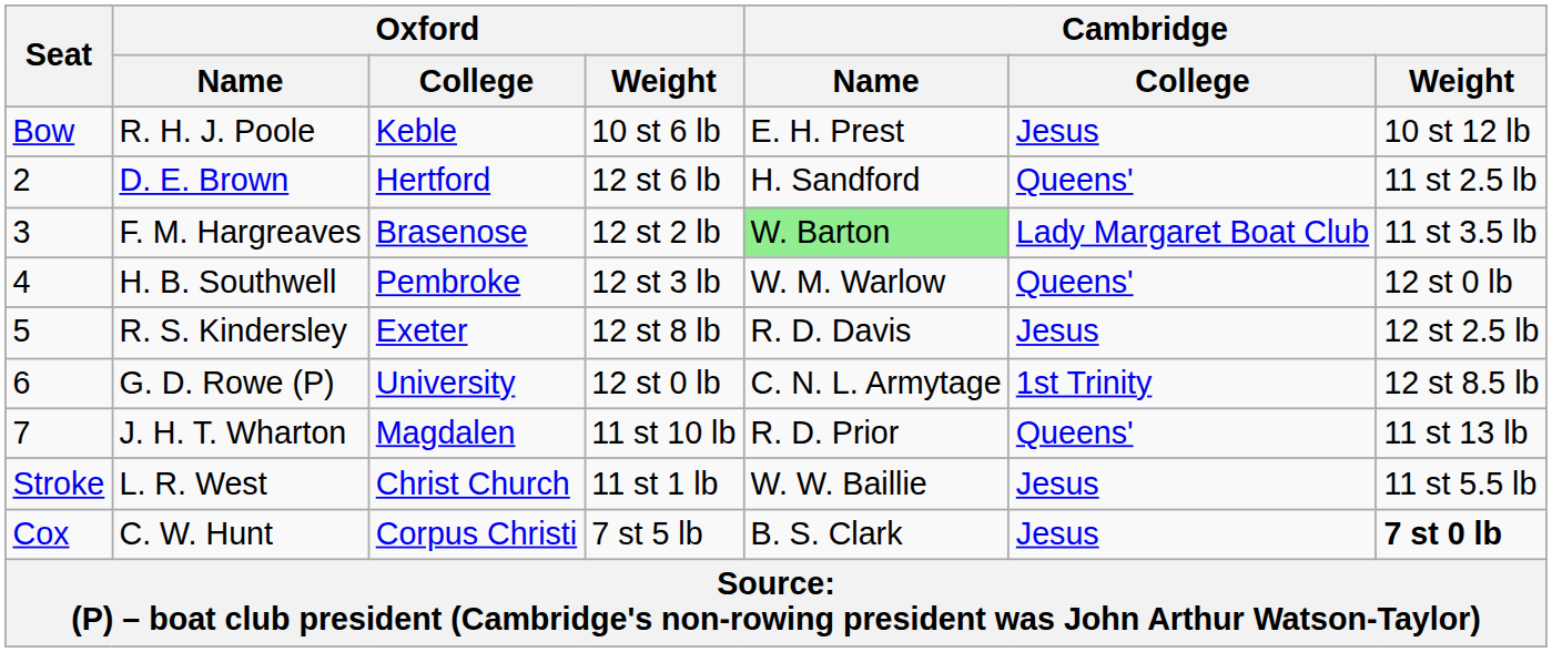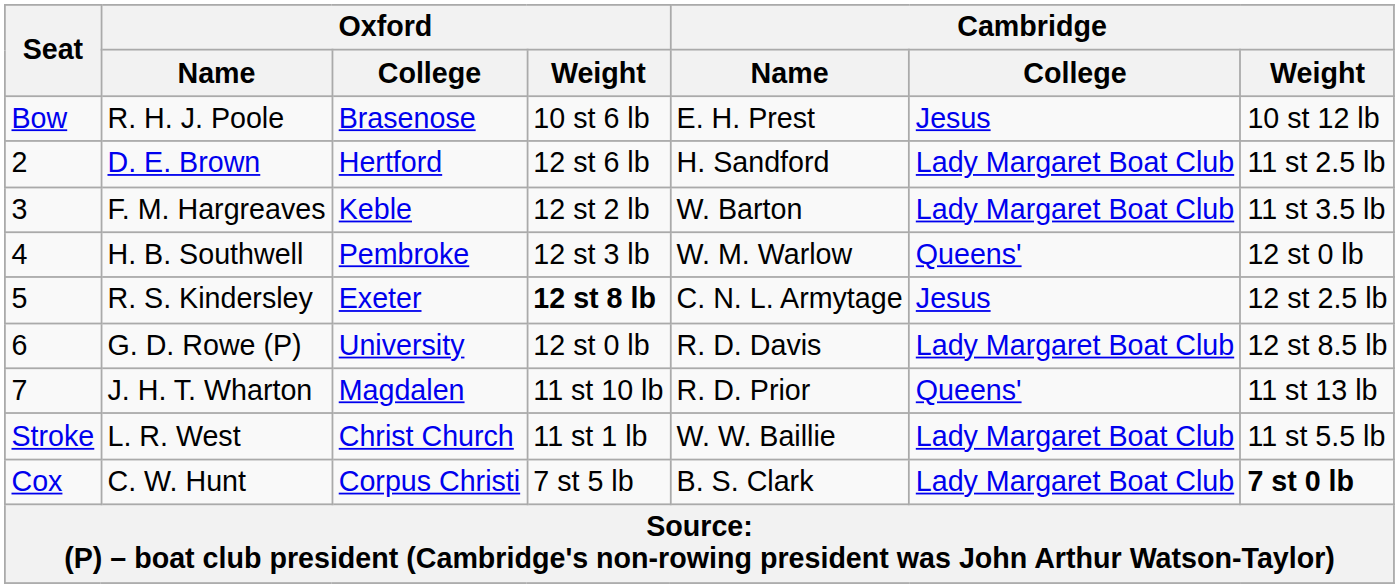 <table class="wikitable">
 <tr>
 <th rowspan="2" scope="col">Seat</th>
 <th colspan="3" scope="col">Oxford <br> </th>
 <th colspan="3" scope="col">Cambridge <br> </th>
 </tr>
 <tr>
 <th>Name</th>
 <th>College</th>
 <th>Weight</th>
 <th>Name</th>
 <th>College</th>
 <th>Weight</th>
 </tr>
 <tr>
 <td><a href='#'>Bow</a></td>
 <td>R. H. J. Poole</td>
-<td><a href='#'>Keble</a></td>
+<td><a href='#'>Brasenose</a></td>
 <td>10 st 6 lb</td>
 <td>E. H. Prest</td>
 <td><a href='#'>Jesus</a></td>
 <td>10 st 12 lb</td>
 </tr>
 <tr>
 <td>2</td>
 <td><a href='#'>D. E. Brown</a></td>
 <td><a href='#'>Hertford</a></td>
 <td>12 st 6 lb</td>
 <td>H. Sandford</td>
-<td><a href='#'>Queens'</a></td>
+<td><a href='#'>Lady Margaret Boat Club</a></td>
 <td>11 st 2.5 lb</td>
 </tr>
 <tr>
 <td>3</td>
 <td>F. M. Hargreaves</td>
-<td><a href='#'>Brasenose</a></td>
+<td><a href='#'>Keble</a></td>
 <td>12 st 2 lb</td>
-<td style="background: lightgreen;">W. Barton</td>
+<td>W. Barton</td>
 <td><a href='#'>Lady Margaret Boat Club</a></td>
 <td>11 st 3.5 lb</td>
 </tr>
 <tr>
 <td>4</td>
 <td>H. B. Southwell</td>
 <td><a href='#'>Pembroke</a></td>
 <td>12 st 3 lb</td>
 <td>W. M. Warlow</td>
 <td><a href='#'>Queens'</a></td>
 <td>12 st 0 lb</td>
 </tr>
 <tr>
 <td>5</td>
 <td>R. S. Kindersley</td>
 <td><a href='#'>Exeter</a></td>
-<td>12 st 8 lb</td>
-<td>R. D. Davis</td>
+<td><strong>12 st 8 lb</strong></td>
+<td>C. N. L. Armytage</td>
 <td><a href='#'>Jesus</a></td>
 <td>12 st 2.5 lb</td>
 </tr>
 <tr>
 <td>6</td>
 <td>G. D. Rowe (P)</td>
 <td><a href='#'>University</a></td>
 <td>12 st 0 lb</td>
-<td>C. N. L. Armytage</td>
-<td><a href='#'>1st Trinity</a></td>
+<td>R. D. Davis</td>
+<td><a href='#'>Lady Margaret Boat Club</a></td>
 <td>12 st 8.5 lb</td>
 </tr>
 <tr>
 <td>7</td>
 <td>J. H. T. Wharton</td>
 <td><a href='#'>Magdalen</a></td>
 <td>11 st 10 lb</td>
 <td>R. D. Prior</td>
 <td><a href='#'>Queens'</a></td>
 <td>11 st 13 lb</td>
 </tr>
 <tr>
 <td><a href='#'>Stroke</a></td>
 <td>L. R. West</td>
 <td><a href='#'>Christ Church</a></td>
 <td>11 st 1 lb</td>
 <td>W. W. Baillie</td>
-<td><a href='#'>Jesus</a></td>
+<td><a href='#'>Lady Margaret Boat Club</a></td>
 <td>11 st 5.5 lb</td>
 </tr>
 <tr>
 <td><a href='#'>Cox</a></td>
 <td>C. W. Hunt</td>
 <td><a href='#'>Corpus Christi</a></td>
 <td>7 st 5 lb</td>
 <td>B. S. Clark</td>
-<td><a href='#'>Jesus</a></td>
+<td><a href='#'>Lady Margaret Boat Club</a></td>
 <td><strong>7 st 0 lb</strong></td>
 </tr>
 <tr>
 <th colspan="7">Source:<br>(P) – boat club president (Cambridge's non-rowing president was John Arthur Watson-Taylor)</th>
 </tr>
 </table>
